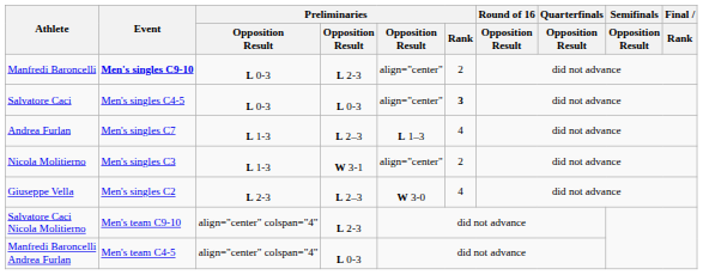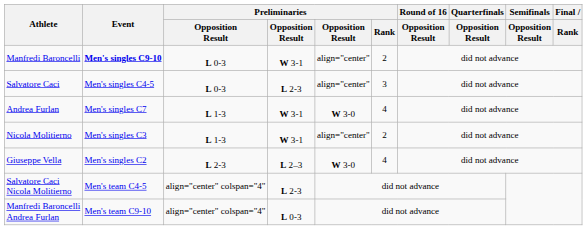 <table class=wikitable style="font-size:90%">
 <tr>
 <th rowspan="2">Athlete</th>
 <th rowspan="2">Event</th>
 <th colspan="4">Preliminaries</th>
 <th>Round of 16</th>
 <th>Quarterfinals</th>
 <th>Semifinals</th>
 <th colspan="2">Final / </th>
 </tr>
 <tr>
 <th>Opposition<br>Result</th>
 <th>Opposition<br>Result</th>
 <th>Opposition<br>Result</th>
 <th>Rank</th>
 <th>Opposition<br>Result</th>
 <th>Opposition<br>Result</th>
 <th>Opposition<br>Result</th>
 <th>Rank</th>
 </tr>
 <tr>
 <td><a href='#'>Manfredi Baroncelli</a></td>
 <td><strong><a href='#'>Men's singles C9-10</a></strong></td>
 <td align="center"><br><strong>L</strong> 0-3</td>
-<td align="center"><br><strong>L</strong> 2-3</td>
+<td align="center"><br><strong>W</strong> 3-1</td>
 <td>align="center" </td>
 <td align="center">2</td>
 <td align="center" colspan="5">did not advance</td>
 </tr>
 <tr>
 <td><a href='#'>Salvatore Caci</a></td>
 <td><a href='#'>Men's singles C4-5</a></td>
 <td align="center"><br><strong>L</strong> 0-3</td>
-<td align="center"><br><strong>L</strong> 0-3</td>
+<td align="center"><br><strong>L</strong> 2-3</td>
 <td>align="center" </td>
-<td align="center"><strong>3</strong></td>
+<td align="center">3</td>
 <td align="center" colspan="5">did not advance</td>
 </tr>
 <tr>
 <td><a href='#'>Andrea Furlan</a></td>
 <td><a href='#'>Men's singles C7</a></td>
 <td align="center"><br><strong>L</strong> 1-3</td>
-<td align="center"><br><strong>L</strong> 2–3</td>
-<td align="center"><br><strong>L</strong> 1–3</td>
+<td align="center"><br><strong>W</strong> 3-1</td>
+<td align="center"><br><strong>W</strong> 3-0</td>
 <td align="center">4</td>
 <td align="center" colspan="5">did not advance</td>
 </tr>
 <tr>
 <td><a href='#'>Nicola Molitierno</a></td>
 <td><a href='#'>Men's singles C3</a></td>
 <td align="center"><br><strong>L</strong> 1-3</td>
 <td align="center"><br><strong>W</strong> 3-1</td>
 <td>align="center" </td>
 <td align="center">2</td>
 <td align="center" colspan="5">did not advance</td>
 </tr>
 <tr>
 <td><a href='#'>Giuseppe Vella</a></td>
 <td><a href='#'>Men's singles C2</a></td>
 <td align="center"><br><strong>L</strong> 2-3</td>
 <td align="center"><br><strong>L</strong> 2–3</td>
 <td align="center"><br><strong>W</strong> 3-0</td>
 <td align="center">4</td>
 <td align="center" colspan="5">did not advance</td>
 </tr>
 <tr>
 <td><a href='#'>Salvatore Caci</a><br> <a href='#'>Nicola Molitierno</a></td>
-<td><a href='#'>Men's team C9-10</a></td>
+<td><a href='#'>Men's team C4-5</a></td>
 <td>align="center" colspan="4" </td>
 <td align="center"><br><strong>L</strong> 2-3</td>
 <td align="center" colspan="4">did not advance</td>
 </tr>
 <tr>
 <td><a href='#'>Manfredi Baroncelli</a><br> <a href='#'>Andrea Furlan</a></td>
-<td><a href='#'>Men's team C4-5</a></td>
+<td><a href='#'>Men's team C9-10</a></td>
 <td>align="center" colspan="4" </td>
 <td align="center"><br><strong>L</strong> 0-3</td>
 <td align="center" colspan="4">did not advance</td>
 </tr>
 </table>
